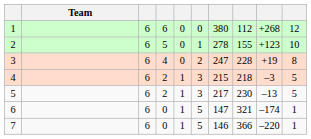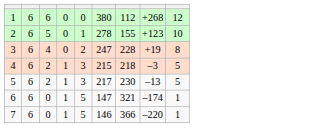 <table class=wikitable style=text-align:center>
 <tr>
 <th width=20 abbr=Position></th>
-<th width=175>Team</th>
 <th width=20 abbr=Played></th>
 <th width=20 abbr=Won></th>
 <th width=20 abbr=Drawn></th>
 <th width=20 abbr=Lost></th>
 <th width=30 abbr=Goal for></th>
 <th width=30 abbr=Goal against></th>
 <th width=30 abbr=Goal difference></th>
 <th width=30 abbr=Points></th>
 </tr>
 <tr bgcolor=#CCFFCC>
 <td>1</td>
-<td style=text-align:left></td>
 <td>6</td>
 <td>6</td>
 <td>0</td>
 <td>0</td>
 <td>380</td>
 <td>112</td>
 <td>+268</td>
 <td>12</td>
 </tr>
 <tr bgcolor=#CCFFCC>
 <td>2</td>
-<td style=text-align:left></td>
 <td>6</td>
 <td>5</td>
 <td>0</td>
 <td>1</td>
 <td>278</td>
 <td>155</td>
 <td>+123</td>
 <td>10</td>
 </tr>
 <tr bgcolor=#FFDCCC>
 <td>3</td>
-<td style=text-align:left></td>
 <td>6</td>
 <td>4</td>
 <td>0</td>
 <td>2</td>
 <td>247</td>
 <td>228</td>
 <td>+19</td>
 <td>8</td>
 </tr>
 <tr bgcolor=#FFDCCC>
 <td>4</td>
-<td style=text-align:left></td>
 <td>6</td>
 <td>2</td>
 <td>1</td>
 <td>3</td>
 <td>215</td>
 <td>218</td>
 <td>–3</td>
 <td>5</td>
 </tr>
 <tr>
 <td>5</td>
-<td style=text-align:left></td>
 <td>6</td>
 <td>2</td>
 <td>1</td>
 <td>3</td>
 <td>217</td>
 <td>230</td>
 <td>–13</td>
 <td>5</td>
 </tr>
 <tr>
 <td>6</td>
-<td style=text-align:left></td>
 <td>6</td>
 <td>0</td>
 <td>1</td>
 <td>5</td>
 <td>147</td>
 <td>321</td>
 <td>–174</td>
 <td>1</td>
 </tr>
 <tr>
 <td>7</td>
-<td style=text-align:left></td>
 <td>6</td>
 <td>0</td>
 <td>1</td>
 <td>5</td>
 <td>146</td>
 <td>366</td>
 <td>–220</td>
 <td>1</td>
 </tr>
 </table>
